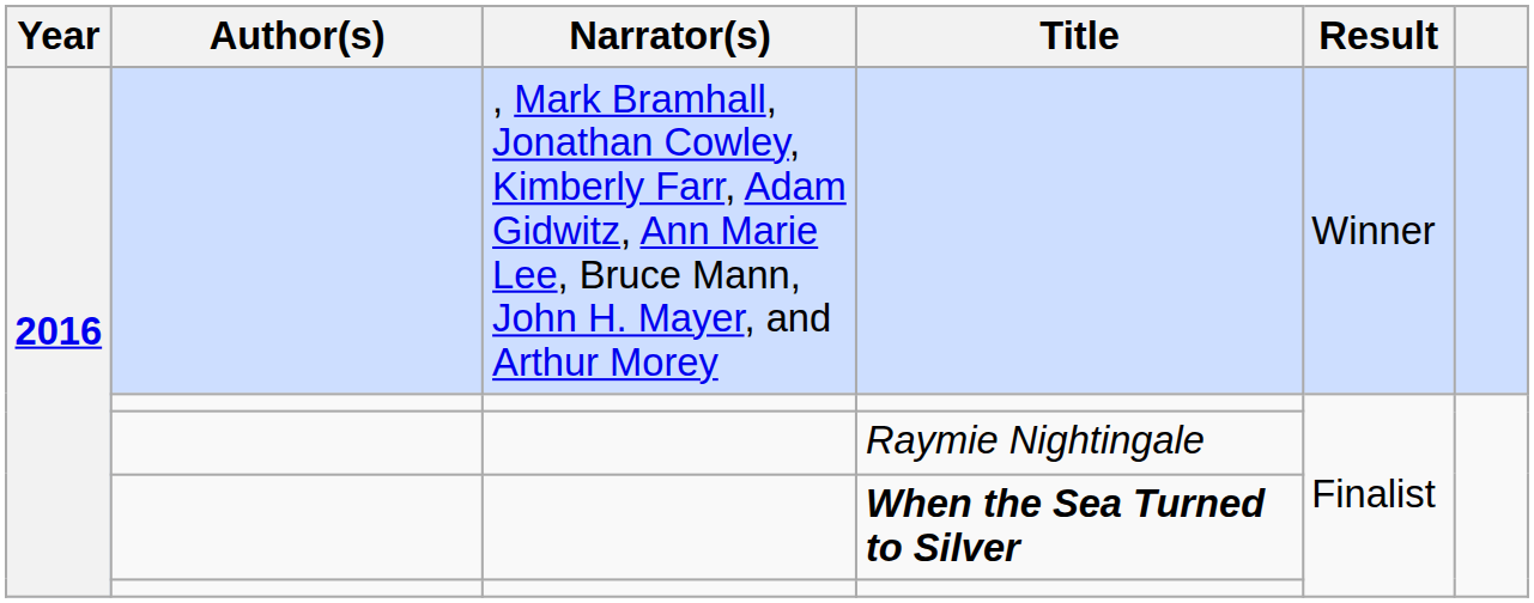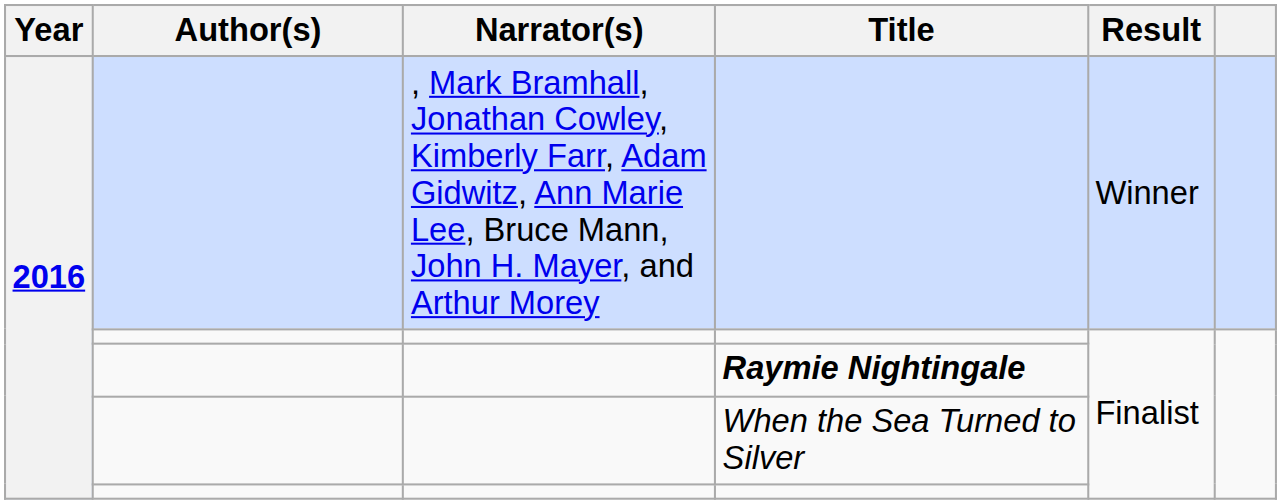 <table class="wikitable sortable mw-collapsible" width="100%">
 <tr>
 <th scope=col width="5%">Year</th>
 <th scope=col width="25%">Author(s)</th>
 <th scope=col width="25%">Narrator(s)</th>
 <th scope=col width="30%">Title</th>
 <th scope=col width="10%">Result</th>
 <th scope=col width="5%" class="unsortable"></th>
 </tr>
 <tr style="background:#cddeff">
 <th scope=row rowspan="5"><a href='#'>2016</a></th>
 <td></td>
 <td>, <a href='#'>Mark Bramhall</a>, <a href='#'>Jonathan Cowley</a>, <a href='#'>Kimberly Farr</a>, <a href='#'>Adam Gidwitz</a>, <a href='#'>Ann Marie Lee</a>, Bruce Mann, <a href='#'>John H. Mayer</a>, and <a href='#'>Arthur Morey</a></td>
 <td><em></em></td>
 <td>Winner</td>
 <td></td>
 </tr>
 <tr>
 <td></td>
 <td></td>
 <td><em></em></td>
 <td rowspan="4">Finalist</td>
 <td rowspan="4"></td>
 </tr>
 <tr>
 <td></td>
 <td></td>
-<td><em>Raymie Nightingale</em></td>
+<td><strong><em>Raymie Nightingale</em></strong></td>
 </tr>
 <tr>
 <td></td>
 <td></td>
-<td><strong><em>When the Sea Turned to Silver</em></strong></td>
+<td><em>When the Sea Turned to Silver</em></td>
 </tr>
 <tr>
 <td></td>
 <td></td>
 <td><em></em></td>
 </tr>
 </table>
